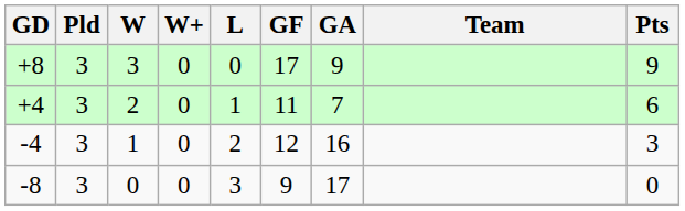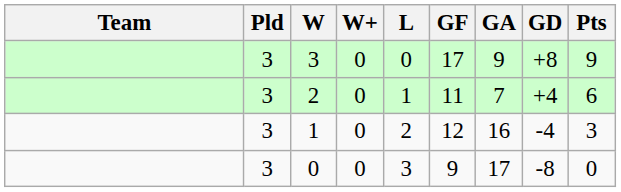 <table class="wikitable" style="text-align:center;">
 <tr>
-<th width=25>GD</th>
+<th width=160>Team</th>
 <th width=25>Pld</th>
 <th width=25>W</th>
 <th width=25>W+</th>
 <th width=25>L</th>
 <th width=25>GF</th>
 <th width=25>GA</th>
-<th width=160>Team</th>
+<th width=25>GD</th>
 <th width=25>Pts</th>
 </tr>
 <tr style="background:#ccffcc;">
-<td>+8</td>
+<td align=left></td>
 <td>3</td>
 <td>3</td>
 <td>0</td>
 <td>0</td>
 <td>17</td>
 <td>9</td>
-<td align=left></td>
+<td>+8</td>
 <td>9</td>
 </tr>
 <tr style="background:#ccffcc;">
-<td>+4</td>
+<td align=left></td>
 <td>3</td>
 <td>2</td>
 <td>0</td>
 <td>1</td>
 <td>11</td>
 <td>7</td>
-<td align=left></td>
+<td>+4</td>
 <td>6</td>
 </tr>
 <tr>
-<td>-4</td>
+<td align=left></td>
 <td>3</td>
 <td>1</td>
 <td>0</td>
 <td>2</td>
 <td>12</td>
 <td>16</td>
-<td align=left></td>
+<td>-4</td>
 <td>3</td>
 </tr>
 <tr>
-<td>-8</td>
+<td align=left></td>
 <td>3</td>
 <td>0</td>
 <td>0</td>
 <td>3</td>
 <td>9</td>
 <td>17</td>
-<td align=left></td>
+<td>-8</td>
 <td>0</td>
 </tr>
 </table>
